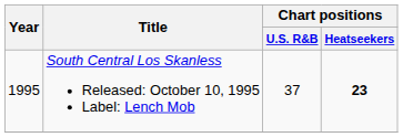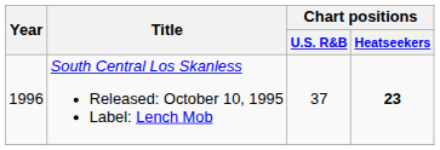 <table class="wikitable">
 <tr>
 <th rowspan="2">Year</th>
 <th rowspan="2">Title</th>
 <th colspan="2">Chart positions</th>
 </tr>
 <tr>
 <th><small><a href='#'>U.S. R&B</a></small></th>
 <th><small><a href='#'>Heatseekers</a></small></th>
 </tr>
 <tr>
-<td>1995</td>
+<td>1996</td>
 <td><em><a href='#'>South Central Los Skanless</a></em><br><ul><li>Released: October 10, 1995</li><li>Label: <a href='#'>Lench Mob</a></li></ul></td>
 <td align="center">37</td>
 <td align="center"><strong>23</strong></td>
 </tr>
 <tr>
 </tr>
 </table>
